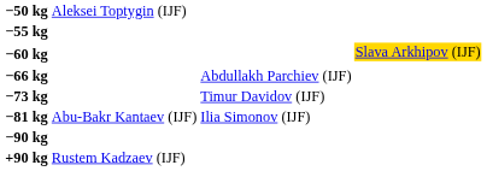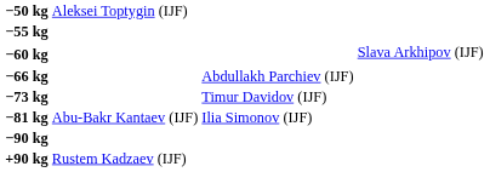 <table>
 <tr>
 <th rowspan=2>−50 kg</th>
 <td rowspan=2> <a href='#'>Aleksei Toptygin</a> <span>(<abbr>IJF</abbr>)</span></td>
 <td rowspan=2></td>
 <td></td>
 </tr>
 <tr>
 <td></td>
 </tr>
 <tr>
 <th rowspan=2>−55 kg</th>
 <td rowspan=2></td>
 <td rowspan=2></td>
 <td></td>
 </tr>
 <tr>
 <td></td>
 </tr>
 <tr>
 <th rowspan=2>−60 kg</th>
 <td rowspan=2></td>
 <td rowspan=2></td>
-<td style="background: gold;"> <a href='#'>Slava Arkhipov</a> <span>(<abbr>IJF</abbr>)</span></td>
+<td> <a href='#'>Slava Arkhipov</a> <span>(<abbr>IJF</abbr>)</span></td>
 </tr>
 <tr>
 <td></td>
 </tr>
 <tr>
 <th rowspan=2>−66 kg</th>
 <td rowspan=2></td>
 <td rowspan=2> <a href='#'>Abdullakh Parchiev</a> <span>(<abbr>IJF</abbr>)</span></td>
 <td></td>
 </tr>
 <tr>
 <td></td>
 </tr>
 <tr>
 <th rowspan=2>−73 kg</th>
 <td rowspan=2></td>
 <td rowspan=2> <a href='#'>Timur Davidov</a> <span>(<abbr>IJF</abbr>)</span></td>
 <td></td>
 </tr>
 <tr>
 <td></td>
 </tr>
 <tr>
 <th rowspan=2>−81 kg</th>
 <td rowspan=2> <a href='#'>Abu-Bakr Kantaev</a> <span>(<abbr>IJF</abbr>)</span></td>
 <td rowspan=2> <a href='#'>Ilia Simonov</a> <span>(<abbr>IJF</abbr>)</span></td>
 <td></td>
 </tr>
 <tr>
 <td></td>
 </tr>
 <tr>
 <th rowspan=2>−90 kg</th>
 <td rowspan=2></td>
 <td rowspan=2></td>
 <td></td>
 </tr>
 <tr>
 <td></td>
 </tr>
 <tr>
 <th rowspan=2>+90 kg</th>
 <td rowspan=2> <a href='#'>Rustem Kadzaev</a> <span>(<abbr>IJF</abbr>)</span></td>
 <td rowspan=2></td>
 <td></td>
 </tr>
 <tr>
 <td></td>
 </tr>
 </table>
